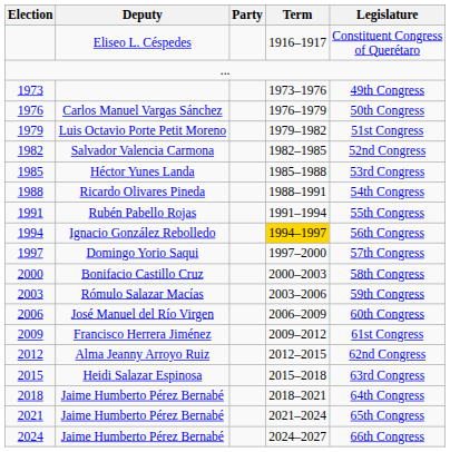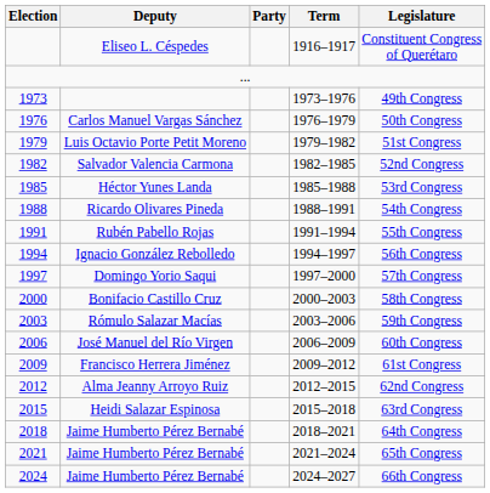 <table class="wikitable sortable" style="text-align: center">
 <tr>
 <th>Election</th>
 <th class="unsortable">Deputy</th>
 <th class="unsortable">Party</th>
 <th class="unsortable">Term</th>
 <th class="unsortable">Legislature</th>
 </tr>
 <tr>
 <td></td>
 <td><a href='#'>Eliseo L. Céspedes</a></td>
 <td></td>
 <td>1916–1917</td>
 <td><a href='#'>Constituent Congress<br>of Querétaro</a></td>
 </tr>
 <tr>
 <td colspan=5> ...</td>
 </tr>
 <tr>
 <td><a href='#'>1973</a></td>
 <td></td>
 <td></td>
 <td>1973–1976</td>
 <td><a href='#'>49th Congress</a></td>
 </tr>
 <tr>
 <td><a href='#'>1976</a></td>
 <td><a href='#'>Carlos Manuel Vargas Sánchez</a></td>
 <td></td>
 <td>1976–1979</td>
 <td><a href='#'>50th Congress</a></td>
 </tr>
 <tr>
 <td><a href='#'>1979</a></td>
 <td><a href='#'>Luis Octavio Porte Petit Moreno</a></td>
 <td></td>
 <td>1979–1982</td>
 <td><a href='#'>51st Congress</a></td>
 </tr>
 <tr>
 <td><a href='#'>1982</a></td>
 <td><a href='#'>Salvador Valencia Carmona</a></td>
 <td></td>
 <td>1982–1985</td>
 <td><a href='#'>52nd Congress</a></td>
 </tr>
 <tr>
 <td><a href='#'>1985</a></td>
 <td><a href='#'>Héctor Yunes Landa</a></td>
 <td></td>
 <td>1985–1988</td>
 <td><a href='#'>53rd Congress</a></td>
 </tr>
 <tr>
 <td><a href='#'>1988</a></td>
 <td><a href='#'>Ricardo Olivares Pineda</a></td>
 <td></td>
 <td>1988–1991</td>
 <td><a href='#'>54th Congress</a></td>
 </tr>
 <tr>
 <td><a href='#'>1991</a></td>
 <td><a href='#'>Rubén Pabello Rojas</a></td>
 <td></td>
 <td>1991–1994</td>
 <td><a href='#'>55th Congress</a></td>
 </tr>
 <tr>
 <td><a href='#'>1994</a></td>
 <td><a href='#'>Ignacio González Rebolledo</a></td>
 <td></td>
-<td style="background: gold;">1994–1997</td>
+<td>1994–1997</td>
 <td><a href='#'>56th Congress</a></td>
 </tr>
 <tr>
 <td><a href='#'>1997</a></td>
 <td><a href='#'>Domingo Yorio Saqui</a></td>
 <td></td>
 <td>1997–2000</td>
 <td><a href='#'>57th Congress</a></td>
 </tr>
 <tr>
 <td><a href='#'>2000</a></td>
 <td><a href='#'>Bonifacio Castillo Cruz</a></td>
 <td></td>
 <td>2000–2003</td>
 <td><a href='#'>58th Congress</a></td>
 </tr>
 <tr>
 <td><a href='#'>2003</a></td>
 <td><a href='#'>Rómulo Salazar Macías</a></td>
 <td></td>
 <td>2003–2006</td>
 <td><a href='#'>59th Congress</a></td>
 </tr>
 <tr>
 <td><a href='#'>2006</a></td>
 <td><a href='#'>José Manuel del Río Virgen</a></td>
 <td></td>
 <td>2006–2009</td>
 <td><a href='#'>60th Congress</a></td>
 </tr>
 <tr>
 <td><a href='#'>2009</a></td>
 <td><a href='#'>Francisco Herrera Jiménez</a></td>
 <td></td>
 <td>2009–2012</td>
 <td><a href='#'>61st Congress</a></td>
 </tr>
 <tr>
 <td><a href='#'>2012</a></td>
 <td><a href='#'>Alma Jeanny Arroyo Ruiz</a></td>
 <td></td>
 <td>2012–2015</td>
 <td><a href='#'>62nd Congress</a></td>
 </tr>
 <tr>
 <td><a href='#'>2015</a></td>
 <td><a href='#'>Heidi Salazar Espinosa</a></td>
 <td></td>
 <td>2015–2018</td>
 <td><a href='#'>63rd Congress</a></td>
 </tr>
 <tr>
 <td><a href='#'>2018</a></td>
 <td><a href='#'>Jaime Humberto Pérez Bernabé</a></td>
 <td></td>
 <td>2018–2021</td>
 <td><a href='#'>64th Congress</a></td>
 </tr>
 <tr>
 <td><a href='#'>2021</a></td>
 <td><a href='#'>Jaime Humberto Pérez Bernabé</a></td>
 <td></td>
 <td>2021–2024</td>
 <td><a href='#'>65th Congress</a></td>
 </tr>
 <tr>
 <td><a href='#'>2024</a></td>
 <td><a href='#'>Jaime Humberto Pérez Bernabé</a></td>
 <td></td>
 <td>2024–2027</td>
 <td><a href='#'>66th Congress</a></td>
 </tr>
 </table>
